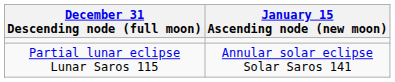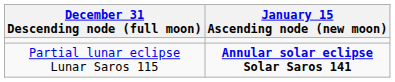 <table class="wikitable">
 <tr>
 <th><a href='#'>December 31</a><br>Descending node (full moon)<br></th>
 <th><a href='#'>January 15</a><br>Ascending node (new moon)<br></th>
 </tr>
 <tr>
 <td></td>
 <td></td>
 </tr>
 <tr align=center>
 <td><a href='#'>Partial lunar eclipse</a><br>Lunar Saros 115</td>
-<td><a href='#'>Annular solar eclipse</a><br>Solar Saros 141</td>
+<td><strong><a href='#'>Annular solar eclipse</a><br>Solar Saros 141</strong></td>
 </tr>
 </table>
